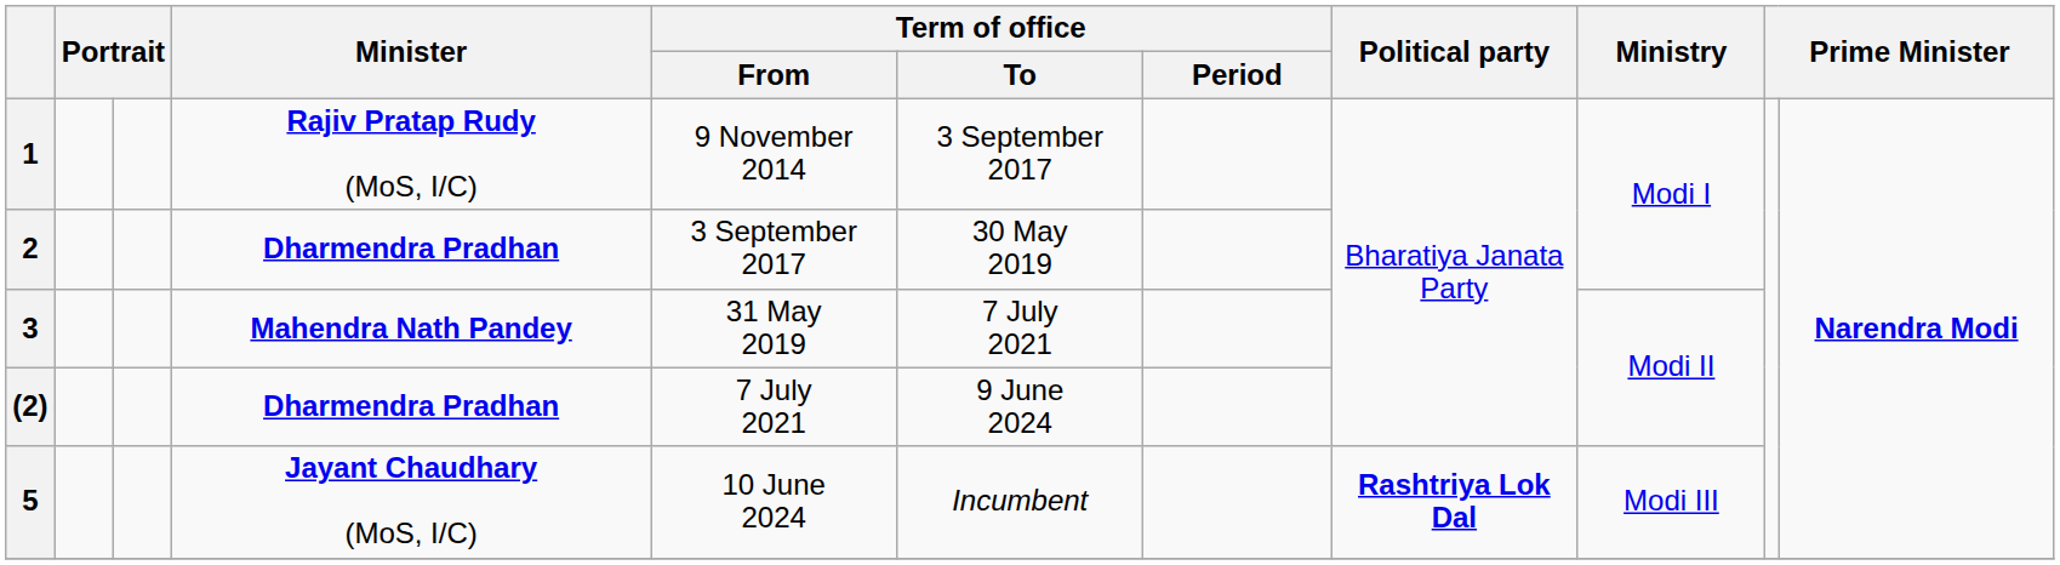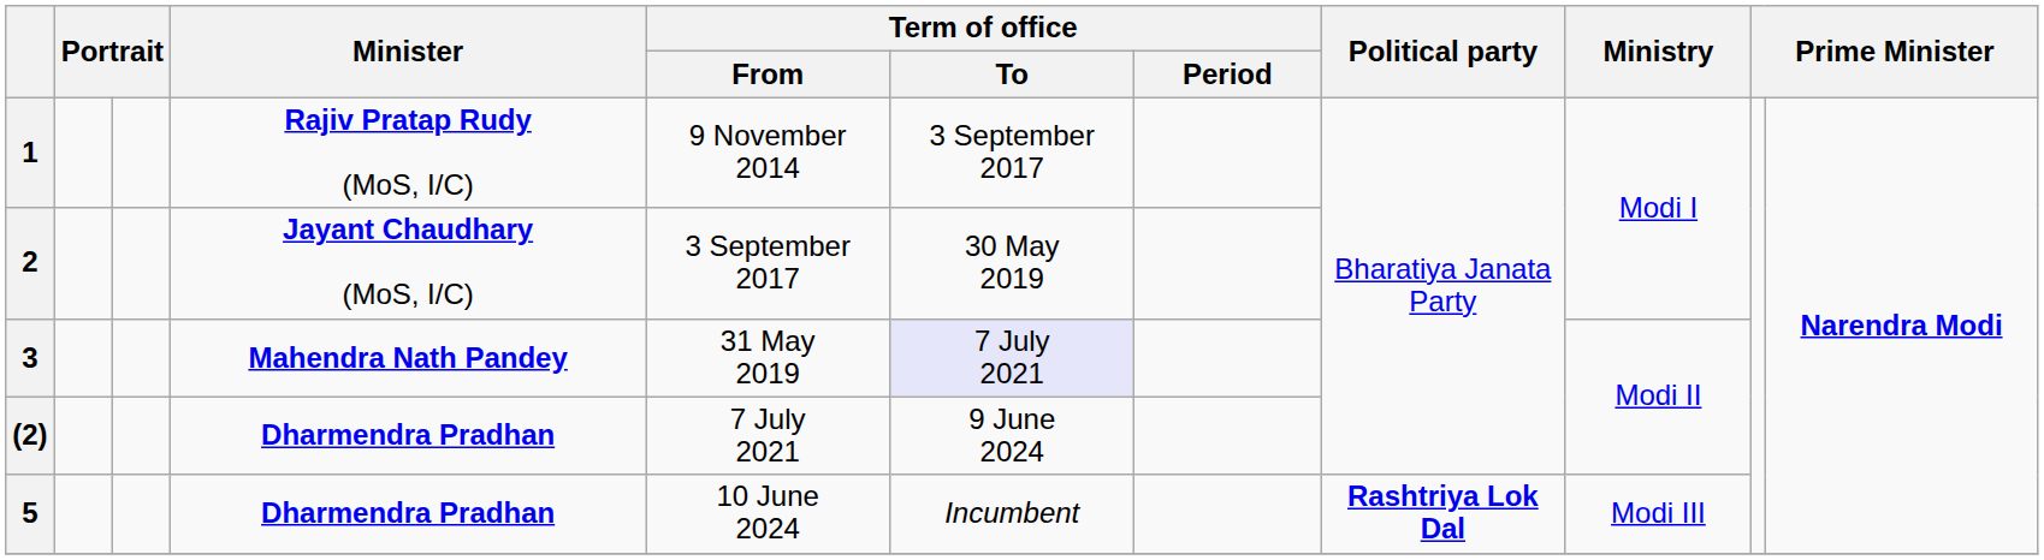 <table class="wikitable" style="text-align:center">
 <tr>
 <th rowspan="2"></th>
 <th rowspan="2" colspan="2">Portrait</th>
 <th rowspan="2" style="width:16em">Minister<br></th>
 <th colspan="3">Term of office</th>
 <th rowspan="2" style="width:8em">Political party</th>
 <th rowspan="2" style="width:6em">Ministry</th>
 <th rowspan="2" colspan="2">Prime Minister</th>
 </tr>
 <tr>
 <th style="width:8em">From</th>
 <th style="width:8em">To</th>
 <th style="width:6em">Period</th>
 </tr>
 <tr>
 <th>1</th>
 <td></td>
 <td></td>
 <td><strong><a href='#'>Rajiv Pratap Rudy</a></strong><br><br>(MoS, I/C)</td>
 <td>9 November<br>2014</td>
 <td>3 September<br>2017</td>
 <td><strong></strong></td>
 <td rowspan="4"><a href='#'>Bharatiya Janata Party</a></td>
 <td rowspan="2"><a href='#'>Modi I</a></td>
 <td rowspan="5"></td>
 <td rowspan="5" style="width:9em"><strong><a href='#'>Narendra Modi</a></strong></td>
 </tr>
 <tr>
 <th>2</th>
 <td></td>
 <td></td>
-<td><strong><a href='#'>Dharmendra Pradhan</a></strong><br></td>
+<td><strong><a href='#'>Jayant Chaudhary</a></strong><br><br>(MoS, I/C)</td>
 <td>3 September<br>2017</td>
 <td>30 May<br>2019</td>
 <td><strong></strong></td>
 </tr>
 <tr>
 <th>3</th>
 <td></td>
 <td></td>
 <td><strong><a href='#'>Mahendra Nath Pandey</a></strong><br></td>
 <td>31 May<br>2019</td>
-<td>7 July<br>2021</td>
+<td style="background: lavender;">7 July<br>2021</td>
 <td><strong></strong></td>
 <td rowspan="2"><a href='#'>Modi II</a></td>
 </tr>
 <tr>
 <th>(2)</th>
 <td></td>
 <td></td>
 <td><strong><a href='#'>Dharmendra Pradhan</a></strong><br></td>
 <td>7 July<br>2021</td>
 <td>9 June<br>2024</td>
 <td><strong></strong></td>
 </tr>
 <tr>
 <th>5</th>
 <td></td>
 <td></td>
-<td><strong><a href='#'>Jayant Chaudhary</a></strong><br><br>(MoS, I/C)</td>
+<td><strong><a href='#'>Dharmendra Pradhan</a></strong><br></td>
 <td>10 June<br>2024</td>
 <td><em>Incumbent</em></td>
 <td><strong></strong></td>
 <td><strong><a href='#'>Rashtriya Lok Dal</a></strong></td>
 <td><a href='#'>Modi III</a></td>
 </tr>
 <tr>
 </tr>
 </table>
